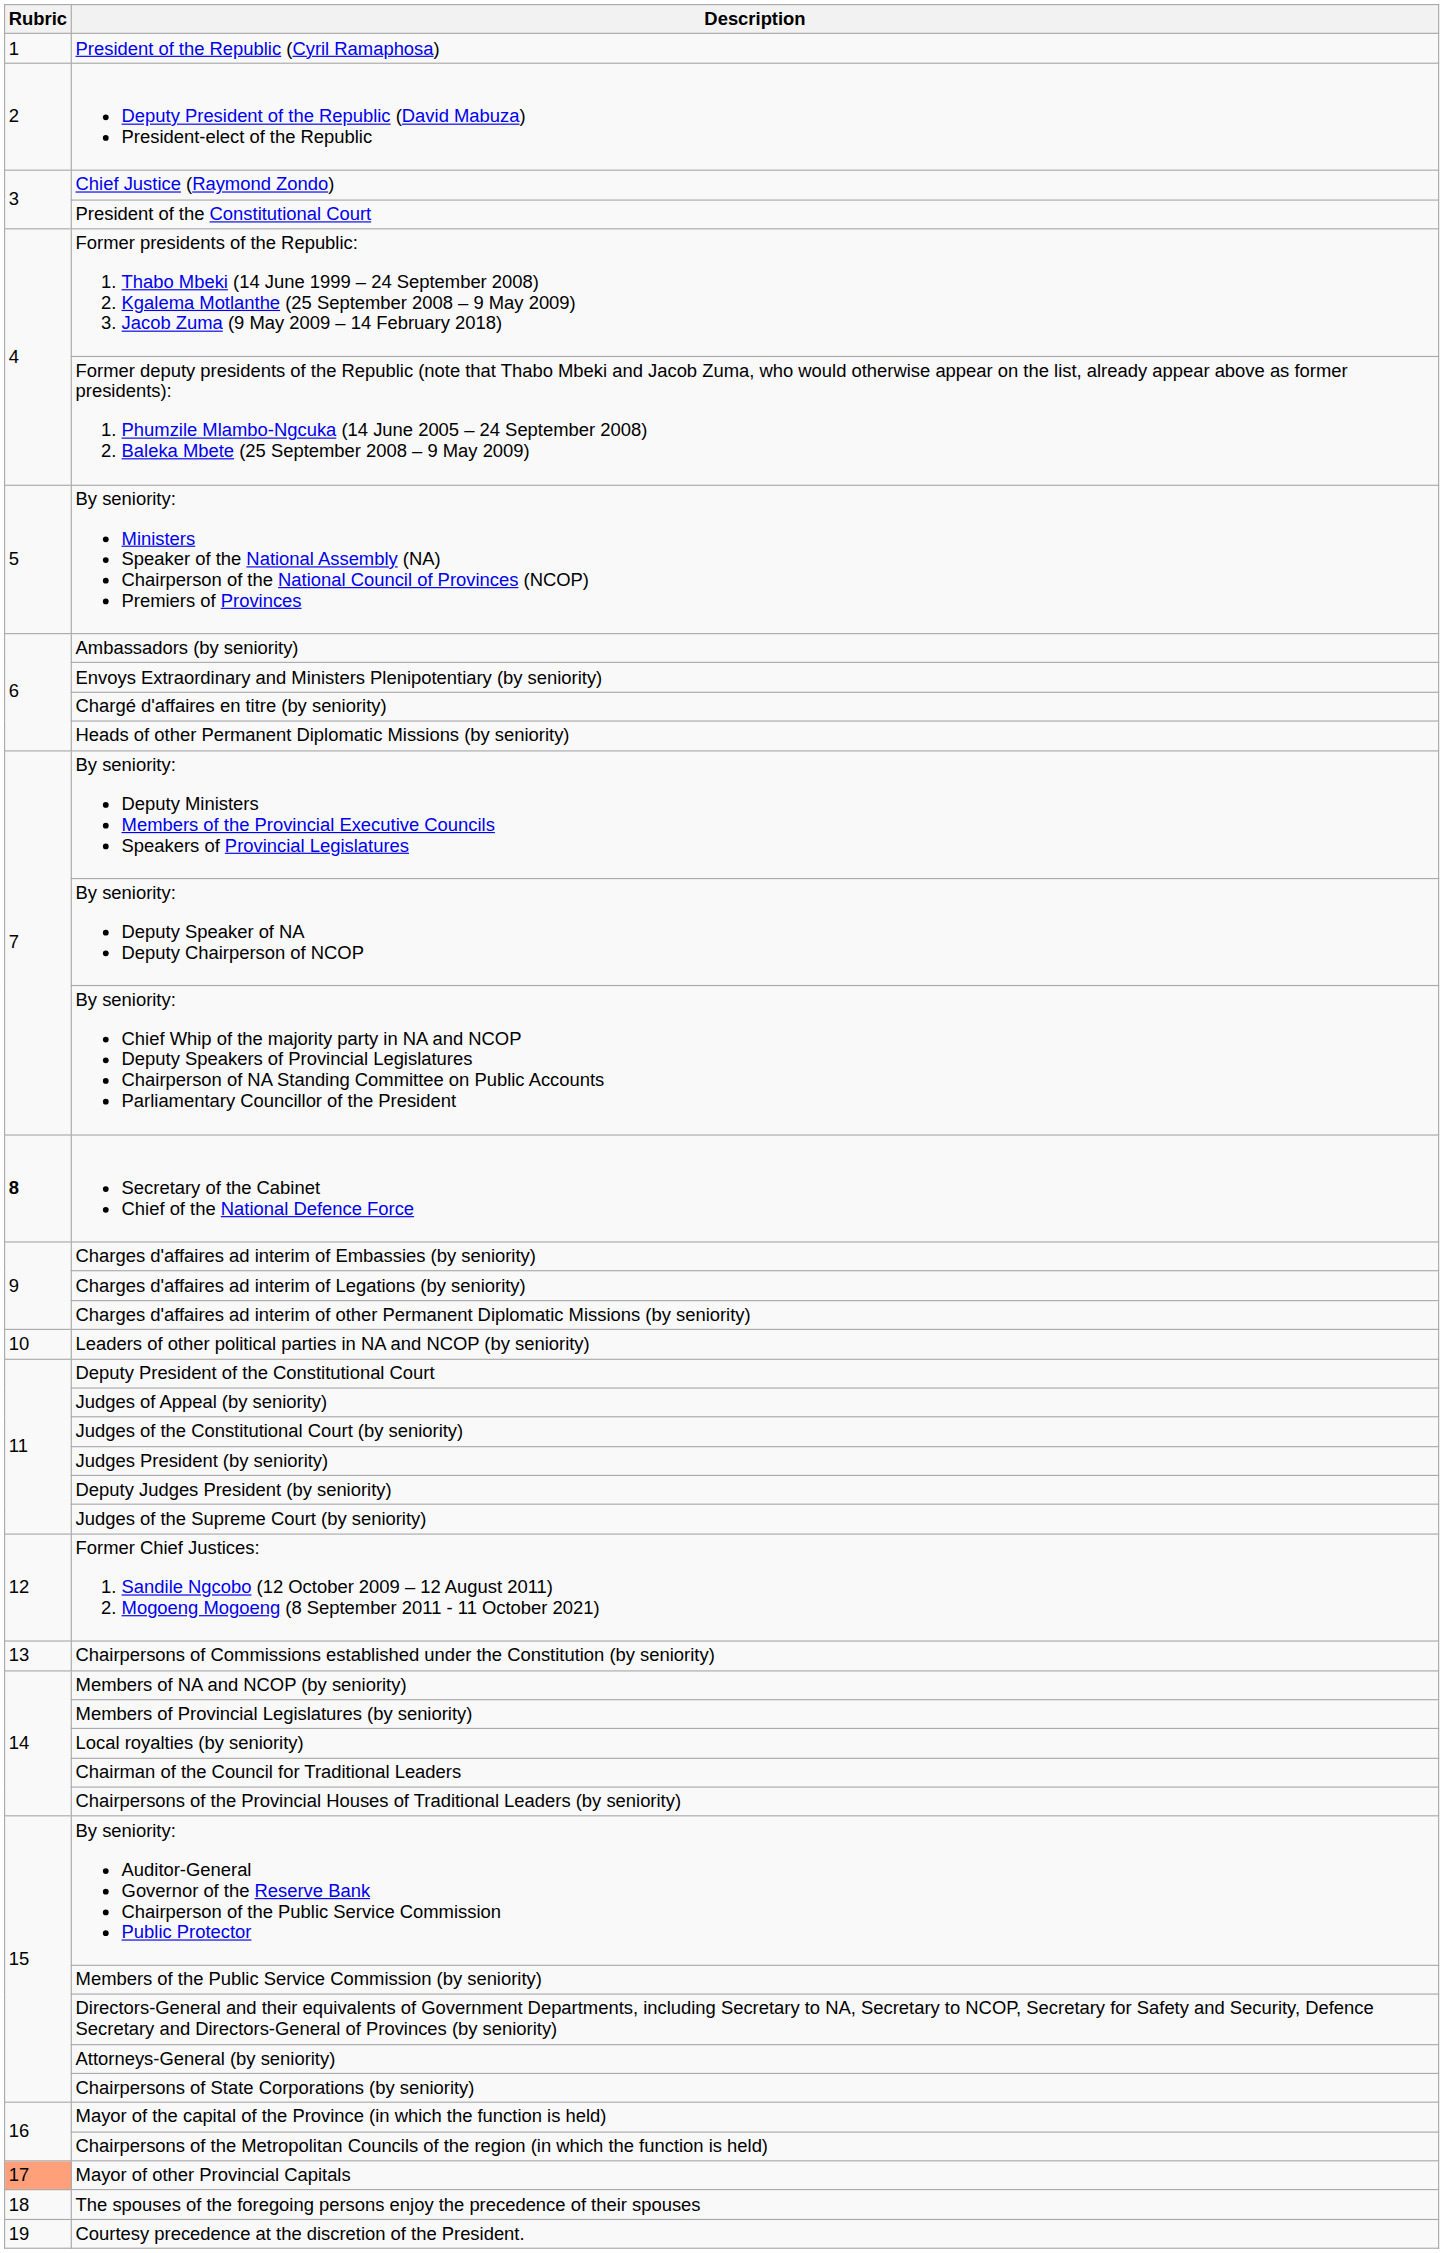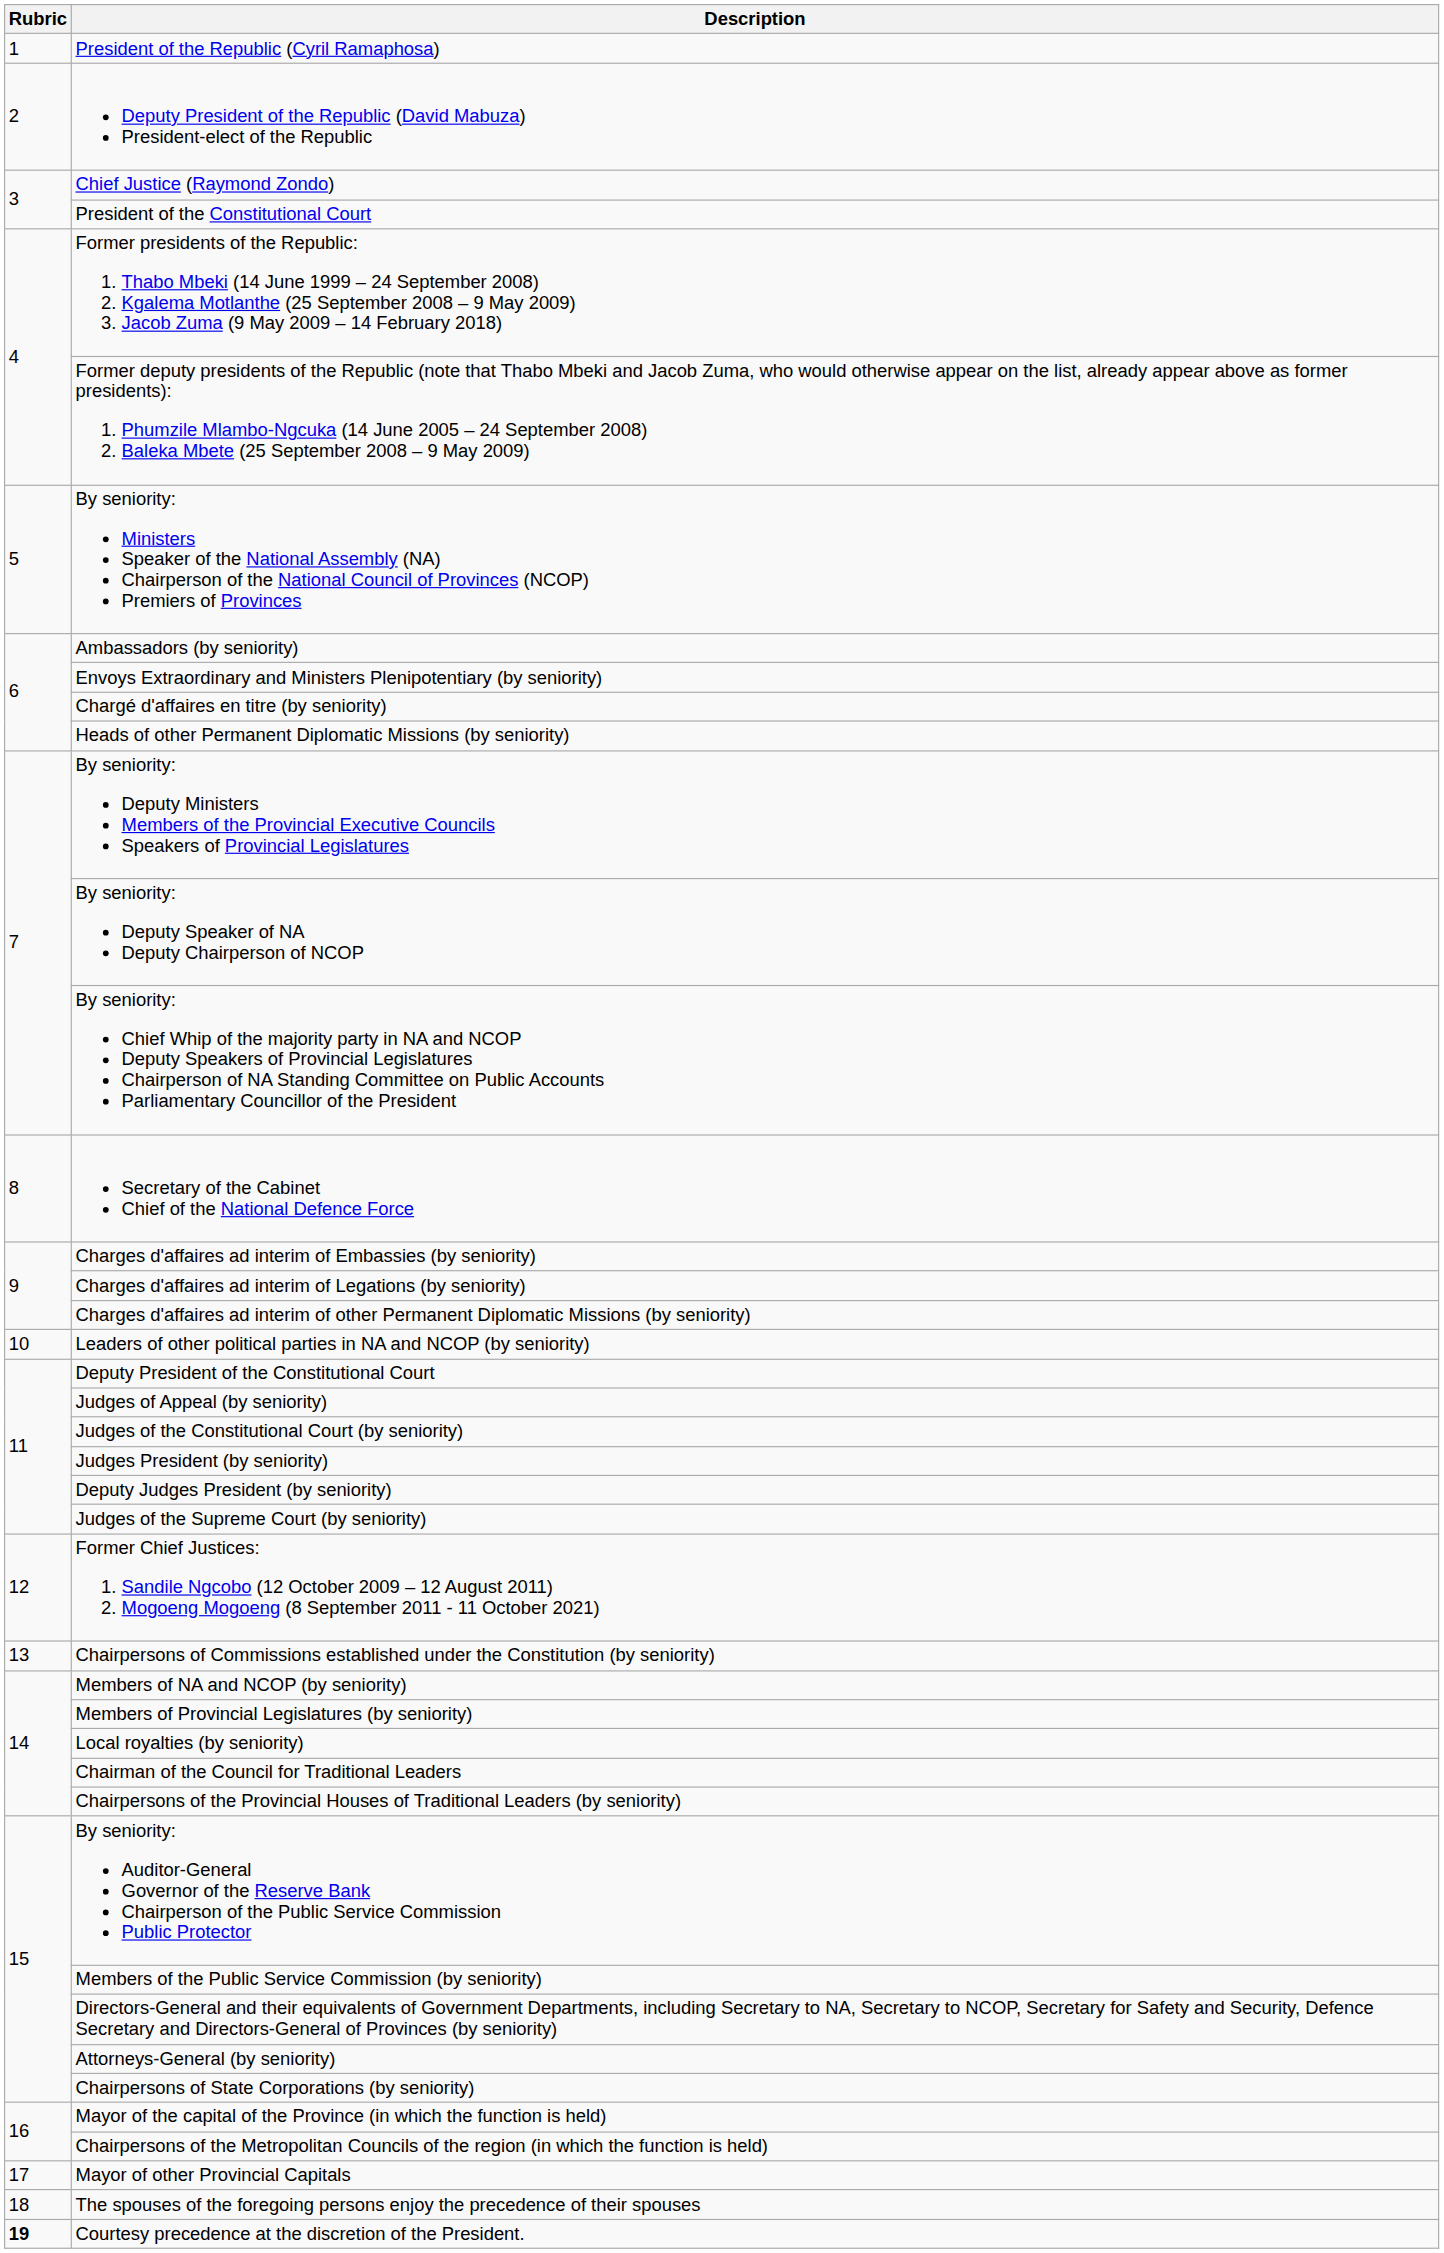 <table class="wikitable">
 <tr>
 <th>Rubric</th>
 <th>Description</th>
 </tr>
 <tr>
 <td>1</td>
 <td><a href='#'>President of the Republic</a> (<a href='#'>Cyril Ramaphosa</a>)</td>
 </tr>
 <tr>
 <td>2</td>
 <td><br><ul><li><a href='#'>Deputy President of the Republic</a> (<a href='#'>David Mabuza</a>)</li><li>President-elect of the Republic</li></ul></td>
 </tr>
 <tr>
 <td rowspan="2">3</td>
 <td><a href='#'>Chief Justice</a> (<a href='#'>Raymond Zondo</a>)</td>
 </tr>
 <tr>
 <td>President of the <a href='#'>Constitutional Court</a></td>
 </tr>
 <tr>
 <td rowspan="2">4</td>
 <td>Former presidents of the Republic:<br><ol><li><a href='#'>Thabo Mbeki</a> (14 June 1999 – 24 September 2008)</li><li><a href='#'>Kgalema Motlanthe</a> (25 September 2008 – 9 May 2009)</li><li><a href='#'>Jacob Zuma</a> (9 May 2009 – 14 February 2018)</li></ol></td>
 </tr>
 <tr>
 <td>Former deputy presidents of the Republic (note that Thabo Mbeki and Jacob Zuma, who would otherwise appear on the list, already appear above as former presidents):<br><ol><li><a href='#'>Phumzile Mlambo-Ngcuka</a> (14 June 2005 – 24 September 2008)</li><li><a href='#'>Baleka Mbete</a> (25 September 2008 – 9 May 2009)</li></ol></td>
 </tr>
 <tr>
 <td>5</td>
 <td>By seniority:<br><ul><li><a href='#'>Ministers</a></li><li>Speaker of the <a href='#'>National Assembly</a> (NA)</li><li>Chairperson of the <a href='#'>National Council of Provinces</a> (NCOP)</li><li>Premiers of <a href='#'>Provinces</a></li></ul></td>
 </tr>
 <tr>
 <td rowspan="4">6</td>
 <td>Ambassadors (by seniority)</td>
 </tr>
 <tr>
 <td>Envoys Extraordinary and Ministers Plenipotentiary (by seniority)</td>
 </tr>
 <tr>
 <td>Chargé d'affaires en titre (by seniority)</td>
 </tr>
 <tr>
 <td>Heads of other Permanent Diplomatic Missions (by seniority)</td>
 </tr>
 <tr>
 <td rowspan="3">7</td>
 <td>By seniority:<br><ul><li>Deputy Ministers</li><li><a href='#'>Members of the Provincial Executive Councils</a></li><li>Speakers of <a href='#'>Provincial Legislatures</a></li></ul></td>
 </tr>
 <tr>
 <td>By seniority:<br><ul><li>Deputy Speaker of NA</li><li>Deputy Chairperson of NCOP</li></ul></td>
 </tr>
 <tr>
 <td>By seniority:<br><ul><li>Chief Whip of the majority party in NA and NCOP</li><li>Deputy Speakers of Provincial Legislatures</li><li>Chairperson of NA Standing Committee on Public Accounts</li><li>Parliamentary Councillor of the President</li></ul></td>
 </tr>
 <tr>
-<td><strong>8</strong></td>
+<td>8</td>
 <td><br><ul><li>Secretary of the Cabinet</li><li>Chief of the <a href='#'>National Defence Force</a></li></ul></td>
 </tr>
 <tr>
 <td rowspan="3">9</td>
 <td>Charges d'affaires ad interim of Embassies (by seniority)</td>
 </tr>
 <tr>
 <td>Charges d'affaires ad interim of Legations (by seniority)</td>
 </tr>
 <tr>
 <td>Charges d'affaires ad interim of other Permanent Diplomatic Missions (by seniority)</td>
 </tr>
 <tr>
 <td>10</td>
 <td>Leaders of other political parties in NA and NCOP (by seniority)</td>
 </tr>
 <tr>
 <td rowspan="6">11</td>
 <td>Deputy President of the Constitutional Court</td>
 </tr>
 <tr>
 <td>Judges of Appeal (by seniority)</td>
 </tr>
 <tr>
 <td>Judges of the Constitutional Court (by seniority)</td>
 </tr>
 <tr>
 <td>Judges President (by seniority)</td>
 </tr>
 <tr>
 <td>Deputy Judges President (by seniority)</td>
 </tr>
 <tr>
 <td>Judges of the Supreme Court (by seniority)</td>
 </tr>
 <tr>
 <td>12</td>
 <td>Former Chief Justices:<br><ol><li><a href='#'>Sandile Ngcobo</a> (12 October 2009 – 12 August 2011)</li><li><a href='#'>Mogoeng Mogoeng</a> (8 September 2011 - 11 October 2021)</li></ol></td>
 </tr>
 <tr>
 <td>13</td>
 <td>Chairpersons of Commissions established under the Constitution (by seniority)</td>
 </tr>
 <tr>
 <td rowspan="5">14</td>
 <td>Members of NA and NCOP (by seniority)</td>
 </tr>
 <tr>
 <td>Members of Provincial Legislatures (by seniority)</td>
 </tr>
 <tr>
 <td>Local royalties (by seniority)</td>
 </tr>
 <tr>
 <td>Chairman of the Council for Traditional Leaders</td>
 </tr>
 <tr>
 <td>Chairpersons of the Provincial Houses of Traditional Leaders (by seniority)</td>
 </tr>
 <tr>
 <td rowspan="5">15</td>
 <td>By seniority:<br><ul><li>Auditor-General</li><li>Governor of the <a href='#'>Reserve Bank</a></li><li>Chairperson of the Public Service Commission</li><li><a href='#'>Public Protector</a></li></ul></td>
 </tr>
 <tr>
 <td>Members of the Public Service Commission (by seniority)</td>
 </tr>
 <tr>
 <td>Directors-General and their equivalents of Government Departments, including Secretary to NA, Secretary to NCOP, Secretary for Safety and Security, Defence Secretary and Directors-General of Provinces (by seniority)</td>
 </tr>
 <tr>
 <td>Attorneys-General (by seniority)</td>
 </tr>
 <tr>
 <td>Chairpersons of State Corporations (by seniority)</td>
 </tr>
 <tr>
 <td rowspan="2">16</td>
 <td>Mayor of the capital of the Province (in which the function is held)</td>
 </tr>
 <tr>
 <td>Chairpersons of the Metropolitan Councils of the region (in which the function is held)</td>
 </tr>
 <tr>
-<td style="background: lightsalmon;">17</td>
+<td>17</td>
 <td>Mayor of other Provincial Capitals</td>
 </tr>
 <tr>
 <td>18</td>
 <td>The spouses of the foregoing persons enjoy the precedence of their spouses</td>
 </tr>
 <tr>
-<td>19</td>
+<td><strong>19</strong></td>
 <td>Courtesy precedence at the discretion of the President.</td>
 </tr>
 </table>
